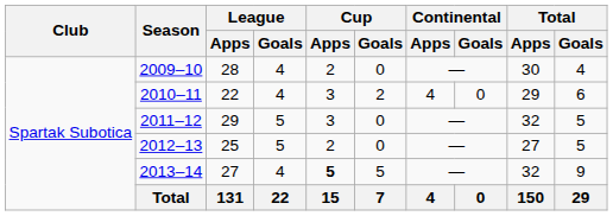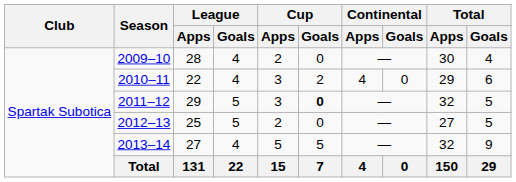 <table class="wikitable" style="text-align:center">
 <tr>
 <th rowspan="2">Club</th>
 <th rowspan="2">Season</th>
 <th colspan="2">League</th>
 <th colspan="2">Cup</th>
 <th colspan="2">Continental</th>
 <th colspan="2">Total</th>
 </tr>
 <tr>
 <th>Apps</th>
 <th>Goals</th>
 <th>Apps</th>
 <th>Goals</th>
 <th>Apps</th>
 <th>Goals</th>
 <th>Apps</th>
 <th>Goals</th>
 </tr>
 <tr>
 <td rowspan="6"><a href='#'>Spartak Subotica</a></td>
 <td><a href='#'>2009–10</a></td>
 <td>28</td>
 <td>4</td>
 <td>2</td>
 <td>0</td>
 <td colspan="2">—</td>
 <td>30</td>
 <td>4</td>
 </tr>
 <tr>
 <td><a href='#'>2010–11</a></td>
 <td>22</td>
 <td>4</td>
 <td>3</td>
 <td>2</td>
 <td>4</td>
 <td>0</td>
 <td>29</td>
 <td>6</td>
 </tr>
 <tr>
 <td><a href='#'>2011–12</a></td>
 <td>29</td>
 <td>5</td>
 <td>3</td>
-<td>0</td>
+<td><strong>0</strong></td>
 <td colspan="2">—</td>
 <td>32</td>
 <td>5</td>
 </tr>
 <tr>
 <td><a href='#'>2012–13</a></td>
 <td>25</td>
 <td>5</td>
 <td>2</td>
 <td>0</td>
 <td colspan="2">—</td>
 <td>27</td>
 <td>5</td>
 </tr>
 <tr>
 <td><a href='#'>2013–14</a></td>
 <td>27</td>
 <td>4</td>
-<td><strong>5</strong></td>
+<td>5</td>
 <td>5</td>
 <td colspan="2">—</td>
 <td>32</td>
 <td>9</td>
 </tr>
 <tr>
 <th>Total</th>
 <th>131</th>
 <th>22</th>
 <th>15</th>
 <th>7</th>
 <th>4</th>
 <th>0</th>
 <th>150</th>
 <th>29</th>
 </tr>
 </table>
